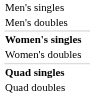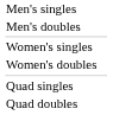 <table>
 <tr>
 <td>Men's singles</td>
 <td></td>
 <td></td>
 <td></td>
 </tr>
 <tr>
 <td>Men's doubles</td>
 <td nowrap></td>
 <td></td>
 <td nowrap></td>
 </tr>
 <tr bgcolor=#dddddd>
 <td colspan=5></td>
 </tr>
 <tr>
-<td><strong>Women's singles</strong></td>
+<td>Women's singles</td>
 <td></td>
 <td></td>
 <td></td>
 </tr>
 <tr>
 <td>Women's doubles</td>
 <td></td>
 <td nowrap></td>
 <td></td>
 </tr>
 <tr bgcolor=#dddddd>
 <td colspan=5></td>
 </tr>
 <tr>
-<td><strong>Quad singles</strong></td>
+<td>Quad singles</td>
 <td></td>
 <td></td>
 <td></td>
 </tr>
 <tr>
 <td>Quad doubles</td>
 <td></td>
 <td></td>
 <td></td>
 </tr>
 </table>
